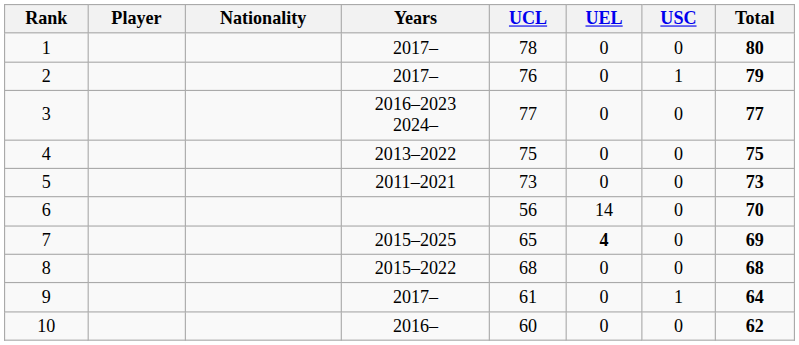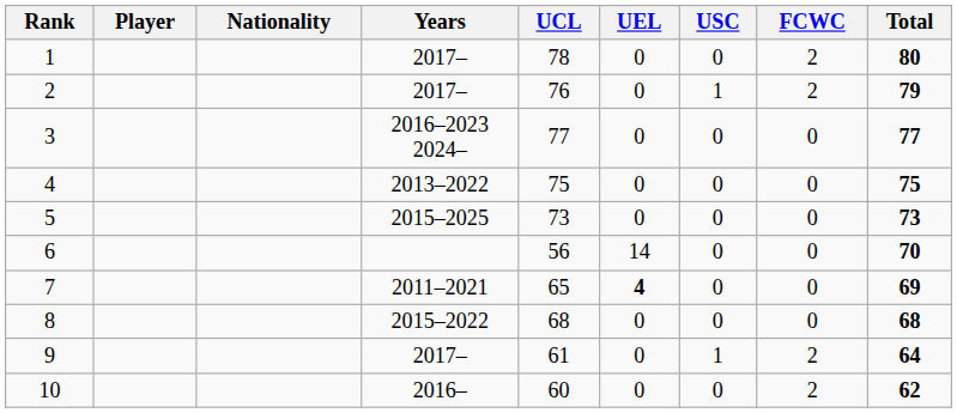 <table class="wikitable sortable" style="text-align:center;width:700px">
 <tr>
 <th>Rank</th>
 <th>Player</th>
 <th>Nationality</th>
 <th>Years</th>
 <th><a href='#'>UCL</a></th>
 <th><a href='#'>UEL</a></th>
 <th><a href='#'>USC</a></th>
+<th><a href='#'>FCWC</a></th>
 <th>Total</th>
 </tr>
 <tr>
 <td>1</td>
 <td><strong></strong></td>
 <td align="left"></td>
 <td>2017–</td>
 <td>78</td>
 <td>0</td>
 <td>0</td>
+<td>2</td>
 <td><strong>80</strong></td>
 </tr>
 <tr>
 <td>2</td>
 <td><strong></strong></td>
 <td align="left"></td>
 <td>2017–</td>
 <td>76</td>
 <td>0</td>
 <td>1</td>
+<td>2</td>
 <td><strong>79</strong></td>
 </tr>
 <tr>
 <td>3</td>
 <td><strong></strong></td>
 <td align="left"></td>
 <td>2016–2023<br>2024–</td>
 <td>77</td>
+<td>0</td>
 <td>0</td>
 <td>0</td>
 <td><strong>77</strong></td>
 </tr>
 <tr>
 <td>4</td>
 <td></td>
 <td align="left"></td>
 <td>2013–2022</td>
 <td>75</td>
 <td>0</td>
 <td>0</td>
+<td>0</td>
 <td><strong>75</strong></td>
 </tr>
 <tr>
 <td>5</td>
 <td></td>
 <td align="left"></td>
-<td>2011–2021</td>
+<td>2015–2025</td>
 <td>73</td>
+<td>0</td>
 <td>0</td>
 <td>0</td>
 <td><strong>73</strong></td>
 </tr>
 <tr>
 <td>6</td>
 <td></td>
 <td align="left"></td>
 <td></td>
 <td>56</td>
 <td>14</td>
 <td>0</td>
+<td>0</td>
 <td><strong>70</strong></td>
 </tr>
 <tr>
 <td>7</td>
 <td></td>
 <td align="left"></td>
-<td>2015–2025</td>
+<td>2011–2021</td>
 <td>65</td>
 <td><strong>4</strong></td>
+<td>0</td>
 <td>0</td>
 <td><strong>69</strong></td>
 </tr>
 <tr>
 <td>8</td>
 <td></td>
 <td align="left"></td>
 <td>2015–2022</td>
 <td>68</td>
+<td>0</td>
 <td>0</td>
 <td>0</td>
 <td><strong>68</strong></td>
 </tr>
 <tr>
 <td>9</td>
 <td><strong></strong></td>
 <td align="left"></td>
 <td>2017–</td>
 <td>61</td>
 <td>0</td>
 <td>1</td>
+<td>2</td>
 <td><strong>64</strong></td>
 </tr>
 <tr>
 <td>10</td>
 <td><strong></strong></td>
 <td align="left"></td>
 <td>2016–</td>
 <td>60</td>
 <td>0</td>
 <td>0</td>
+<td>2</td>
 <td><strong>62</strong></td>
 </tr>
 </table>
